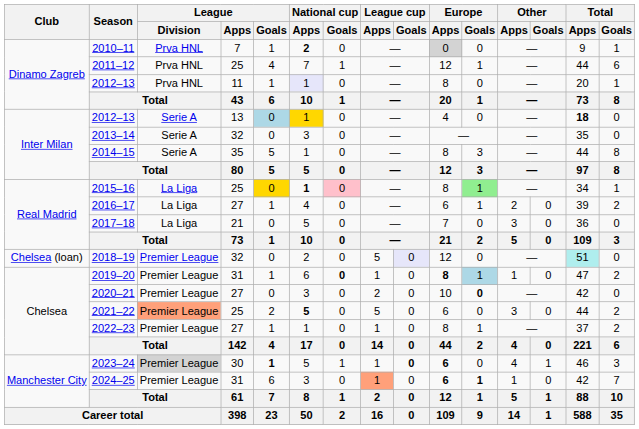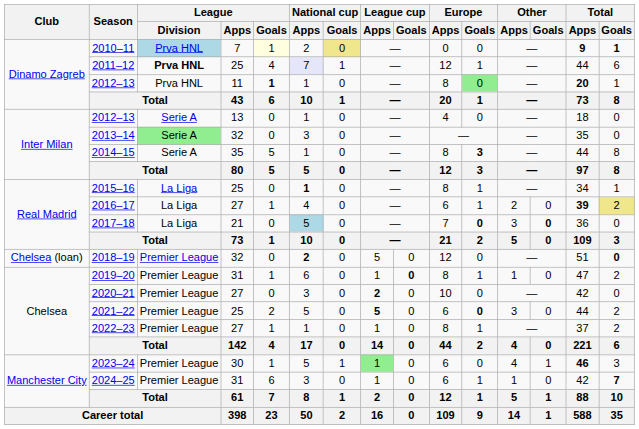 <table class="wikitable" style="text-align: center;">
 <tr>
 <th rowspan="2">Club</th>
 <th rowspan="2">Season</th>
 <th colspan="3">League</th>
 <th colspan="2">National cup</th>
 <th colspan="2">League cup</th>
 <th colspan="2">Europe</th>
 <th colspan="2">Other</th>
 <th colspan="2">Total</th>
 </tr>
 <tr>
 <th>Division</th>
 <th>Apps</th>
 <th>Goals</th>
 <th>Apps</th>
 <th>Goals</th>
 <th>Apps</th>
 <th>Goals</th>
 <th>Apps</th>
 <th>Goals</th>
 <th>Apps</th>
 <th>Goals</th>
 <th>Apps</th>
 <th>Goals</th>
 </tr>
 <tr>
 <td rowspan="4"><a href='#'>Dinamo Zagreb</a></td>
 <td><a href='#'>2010–11</a></td>
-<td><a href='#'>Prva HNL</a></td>
+<td style="background: lightblue;"><a href='#'>Prva HNL</a></td>
 <td>7</td>
-<td>1</td>
-<td><strong>2</strong></td>
+<td style="background: lightyellow;">1</td>
+<td>2</td>
+<td style="background: khaki;">0</td>
+<td colspan="2">—</td>
+<td>0</td>
 <td>0</td>
 <td colspan="2">—</td>
-<td style="background: lightgrey;">0</td>
-<td>0</td>
-<td colspan="2">—</td>
-<td>9</td>
-<td>1</td>
+<td><strong>9</strong></td>
+<td><strong>1</strong></td>
 </tr>
 <tr>
 <td><a href='#'>2011–12</a></td>
-<td>Prva HNL</td>
+<td><strong>Prva HNL</strong></td>
 <td>25</td>
 <td>4</td>
-<td>7</td>
+<td style="background: lavender;">7</td>
 <td>1</td>
 <td colspan="2">—</td>
 <td>12</td>
 <td>1</td>
 <td colspan="2">—</td>
 <td>44</td>
 <td>6</td>
 </tr>
 <tr>
 <td><a href='#'>2012–13</a></td>
 <td>Prva HNL</td>
 <td>11</td>
+<td><strong>1</strong></td>
 <td>1</td>
-<td style="background: lavender;">1</td>
 <td>0</td>
 <td colspan="2">—</td>
 <td>8</td>
-<td>0</td>
+<td style="background: lightgreen;">0</td>
 <td colspan=2>—</td>
-<td>20</td>
+<td><strong>20</strong></td>
 <td>1</td>
 </tr>
 <tr>
 <th colspan="2">Total</th>
 <th>43</th>
 <th>6</th>
 <th>10</th>
 <th>1</th>
 <th colspan="2">—</th>
 <th>20</th>
 <th>1</th>
 <th colspan="2">—</th>
 <th>73</th>
 <th>8</th>
 </tr>
 <tr>
 <td rowspan="4"><a href='#'>Inter Milan</a></td>
 <td><a href='#'>2012–13</a></td>
 <td><a href='#'>Serie A</a></td>
 <td>13</td>
-<td style="background: lightblue;">0</td>
-<td style="background: gold;">1</td>
+<td>0</td>
+<td>1</td>
 <td>0</td>
 <td colspan="2">—</td>
 <td>4</td>
 <td>0</td>
 <td colspan="2">—</td>
-<td><strong>18</strong></td>
+<td>18</td>
 <td>0</td>
 </tr>
 <tr>
 <td><a href='#'>2013–14</a></td>
-<td>Serie A</td>
+<td style="background: lightgreen;">Serie A</td>
 <td>32</td>
 <td>0</td>
 <td>3</td>
 <td>0</td>
 <td colspan="2">—</td>
 <td colspan="2">—</td>
 <td colspan="2">—</td>
 <td>35</td>
 <td>0</td>
 </tr>
 <tr>
 <td><a href='#'>2014–15</a></td>
 <td>Serie A</td>
 <td>35</td>
 <td>5</td>
 <td>1</td>
 <td>0</td>
 <td colspan="2">—</td>
 <td>8</td>
-<td>3</td>
+<td><strong>3</strong></td>
 <td colspan="2">—</td>
 <td>44</td>
 <td>8</td>
 </tr>
 <tr>
 <th colspan="2">Total</th>
 <th>80</th>
 <th>5</th>
 <th>5</th>
 <th>0</th>
 <th colspan="2">—</th>
 <th>12</th>
 <th>3</th>
 <th colspan="2">—</th>
 <th>97</th>
 <th>8</th>
 </tr>
 <tr>
 <td rowspan="4"><a href='#'>Real Madrid</a></td>
 <td><a href='#'>2015–16</a></td>
 <td><a href='#'>La Liga</a></td>
 <td>25</td>
-<td style="background: gold;">0</td>
+<td>0</td>
 <td><strong>1</strong></td>
-<td style="background: pink;">0</td>
+<td>0</td>
 <td colspan="2">—</td>
 <td>8</td>
-<td style="background: lightgreen;">1</td>
+<td>1</td>
 <td colspan="2">—</td>
 <td>34</td>
 <td>1</td>
 </tr>
 <tr>
 <td><a href='#'>2016–17</a></td>
 <td>La Liga</td>
 <td>27</td>
 <td>1</td>
 <td>4</td>
 <td>0</td>
 <td colspan="2">—</td>
 <td>6</td>
 <td>1</td>
 <td>2</td>
 <td>0</td>
-<td>39</td>
-<td>2</td>
+<td><strong>39</strong></td>
+<td style="background: khaki;">2</td>
 </tr>
 <tr>
 <td><a href='#'>2017–18</a></td>
 <td>La Liga</td>
 <td>21</td>
 <td>0</td>
-<td>5</td>
+<td style="background: lightblue;">5</td>
 <td>0</td>
 <td colspan="2">—</td>
 <td>7</td>
-<td>0</td>
+<td><strong>0</strong></td>
 <td>3</td>
-<td>0</td>
+<td><strong>0</strong></td>
 <td>36</td>
 <td>0</td>
 </tr>
 <tr>
 <th colspan="2">Total</th>
 <th>73</th>
 <th>1</th>
 <th>10</th>
 <th>0</th>
 <th colspan="2">—</th>
 <th>21</th>
 <th>2</th>
 <th>5</th>
 <th>0</th>
 <th>109</th>
 <th>3</th>
 </tr>
 <tr>
 <td><a href='#'>Chelsea</a> (loan)</td>
 <td><a href='#'>2018–19</a></td>
 <td><a href='#'>Premier League</a></td>
 <td>32</td>
 <td>0</td>
-<td>2</td>
+<td><strong>2</strong></td>
 <td>0</td>
 <td>5</td>
-<td style="background: lavender;">0</td>
+<td>0</td>
 <td>12</td>
 <td>0</td>
 <td colspan="2">—</td>
-<td style="background: paleturquoise;">51</td>
-<td>0</td>
+<td>51</td>
+<td><strong>0</strong></td>
 </tr>
 <tr>
 <td rowspan="5">Chelsea</td>
 <td><a href='#'>2019–20</a></td>
 <td>Premier League</td>
 <td>31</td>
 <td>1</td>
 <td>6</td>
+<td>0</td>
+<td>1</td>
 <td><strong>0</strong></td>
+<td>8</td>
 <td>1</td>
-<td>0</td>
-<td><strong>8</strong></td>
-<td style="background: lightblue;">1</td>
 <td>1</td>
 <td>0</td>
 <td>47</td>
 <td>2</td>
 </tr>
 <tr>
 <td><a href='#'>2020–21</a></td>
 <td>Premier League</td>
 <td>27</td>
 <td>0</td>
 <td>3</td>
 <td>0</td>
-<td>2</td>
+<td><strong>2</strong></td>
 <td>0</td>
 <td>10</td>
-<td><strong>0</strong></td>
+<td>0</td>
 <td colspan="2">—</td>
 <td>42</td>
 <td>0</td>
 </tr>
 <tr>
 <td><a href='#'>2021–22</a></td>
-<td style="background: lightsalmon;">Premier League</td>
+<td>Premier League</td>
 <td>25</td>
 <td>2</td>
+<td>5</td>
+<td>0</td>
 <td><strong>5</strong></td>
 <td>0</td>
-<td>5</td>
-<td>0</td>
 <td>6</td>
-<td>0</td>
+<td><strong>0</strong></td>
 <td>3</td>
 <td>0</td>
 <td>44</td>
 <td>2</td>
 </tr>
 <tr>
 <td><a href='#'>2022–23</a></td>
 <td>Premier League</td>
 <td>27</td>
 <td>1</td>
 <td>1</td>
 <td>0</td>
 <td>1</td>
 <td>0</td>
 <td>8</td>
 <td>1</td>
 <td colspan="2">—</td>
 <td>37</td>
 <td>2</td>
 </tr>
 <tr>
 <th colspan="2">Total</th>
 <th>142</th>
 <th>4</th>
 <th>17</th>
 <th>0</th>
 <th>14</th>
 <th>0</th>
 <th>44</th>
 <th>2</th>
 <th>4</th>
 <th>0</th>
 <th>221</th>
 <th>6</th>
 </tr>
 <tr>
 <td rowspan="3"><a href='#'>Manchester City</a></td>
 <td><a href='#'>2023–24</a></td>
-<td style="background: lightgrey;">Premier League</td>
+<td>Premier League</td>
 <td>30</td>
-<td><strong>1</strong></td>
+<td>1</td>
 <td>5</td>
 <td>1</td>
-<td>1</td>
-<td><strong>0</strong></td>
-<td><strong>6</strong></td>
+<td style="background: lightgreen;">1</td>
+<td>0</td>
+<td>6</td>
 <td>0</td>
 <td>4</td>
 <td>1</td>
-<td>46</td>
+<td><strong>46</strong></td>
 <td>3</td>
 </tr>
 <tr>
 <td><a href='#'>2024–25</a></td>
 <td>Premier League</td>
 <td>31</td>
 <td>6</td>
 <td>3</td>
 <td>0</td>
-<td style="background: lightsalmon;">1</td>
+<td>1</td>
 <td>0</td>
-<td><strong>6</strong></td>
-<td><strong>1</strong></td>
+<td>6</td>
+<td>1</td>
 <td>1</td>
 <td>0</td>
 <td>42</td>
-<td>7</td>
+<td><strong>7</strong></td>
 </tr>
 <tr>
 <th colspan="2">Total</th>
 <th>61</th>
 <th>7</th>
 <th>8</th>
 <th>1</th>
 <th>2</th>
 <th>0</th>
 <th>12</th>
 <th>1</th>
 <th>5</th>
 <th>1</th>
 <th>88</th>
 <th>10</th>
 </tr>
 <tr>
 <th colspan="3">Career total</th>
 <th>398</th>
 <th>23</th>
 <th>50</th>
 <th>2</th>
 <th>16</th>
 <th>0</th>
 <th>109</th>
 <th>9</th>
 <th>14</th>
 <th>1</th>
 <th>588</th>
 <th>35</th>
 </tr>
 </table>
